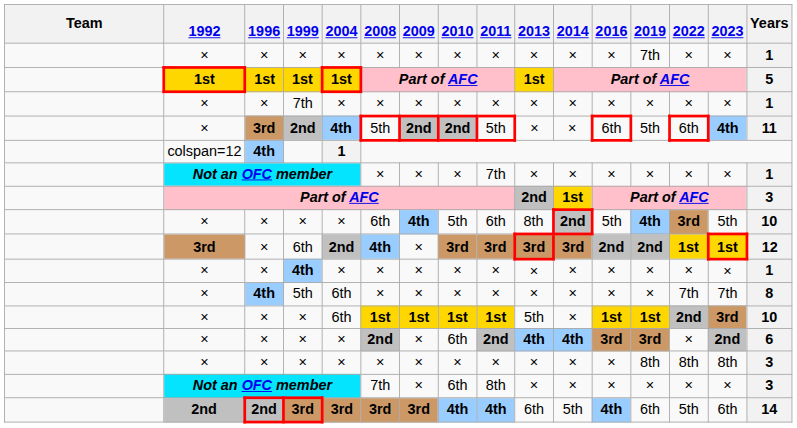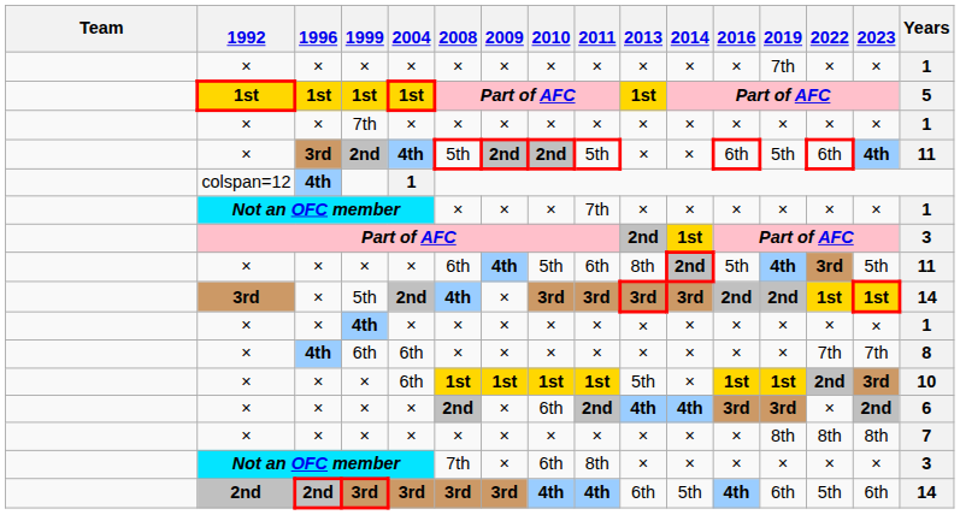 <table class="wikitable" style="text-align:center;">
 <tr>
 <th width=170>Team</th>
 <th><br><a href='#'>1992</a></th>
 <th><br><a href='#'>1996</a></th>
 <th><br><a href='#'>1999</a></th>
 <th><br><a href='#'>2004</a></th>
 <th><br><a href='#'>2008</a></th>
 <th><br><a href='#'>2009</a></th>
 <th><br><a href='#'>2010</a></th>
 <th><br><a href='#'>2011</a></th>
 <th><br><a href='#'>2013</a></th>
 <th><br><a href='#'>2014</a></th>
 <th><br><a href='#'>2016</a></th>
 <th><br><a href='#'>2019</a></th>
 <th><br><a href='#'>2022</a></th>
 <th><br><a href='#'>2023</a></th>
 <th>Years</th>
 </tr>
 <tr>
 <td align=left></td>
 <td>×</td>
 <td>×</td>
 <td>×</td>
 <td>×</td>
 <td>×</td>
 <td>×</td>
 <td>×</td>
 <td>×</td>
 <td>×</td>
 <td>×</td>
 <td>×</td>
 <td>7th</td>
 <td>×</td>
 <td>×</td>
 <th><strong>1</strong></th>
 </tr>
 <tr>
 <td align=left></td>
 <td style="border:3px solid red" bgcolor=gold><strong>1st</strong></td>
 <td bgcolor=gold><strong>1st</strong></td>
 <td bgcolor=gold><strong>1st</strong></td>
 <td style="border:3px solid red" bgcolor=gold><strong>1st</strong></td>
 <td colspan=4 bgcolor=pink><strong><em>Part of <a href='#'>AFC</a></em></strong></td>
 <td bgcolor=gold><strong>1st</strong></td>
 <td colspan=5 bgcolor=pink><strong><em>Part of <a href='#'>AFC</a></em></strong></td>
 <th><strong>5</strong></th>
 </tr>
 <tr>
 <td align=left></td>
 <td>×</td>
 <td>×</td>
 <td>7th</td>
 <td>×</td>
 <td>×</td>
 <td>×</td>
 <td>×</td>
 <td>×</td>
 <td>×</td>
 <td>×</td>
 <td>×</td>
 <td>×</td>
 <td>×</td>
 <td>×</td>
 <th><strong>1</strong></th>
 </tr>
 <tr>
 <td align=left></td>
 <td>×</td>
 <td bgcolor=cc9966><strong>3rd</strong></td>
 <td bgcolor=silver><strong>2nd</strong></td>
 <td bgcolor=#9acdff><strong>4th</strong></td>
 <td style="border:3px solid red">5th</td>
 <td style="border:3px solid red" bgcolor=silver><strong>2nd</strong></td>
 <td style="border:3px solid red" bgcolor=silver><strong>2nd</strong></td>
 <td style="border:3px solid red">5th</td>
 <td>×</td>
 <td>×</td>
 <td style="border:3px solid red">6th</td>
 <td>5th</td>
 <td style="border:3px solid red">6th</td>
 <td bgcolor=#9acdff><strong>4th</strong></td>
 <th><strong>11</strong></th>
 </tr>
 <tr>
 <td align=left></td>
 <td>colspan=12 </td>
 <td bgcolor=#9acdff><strong>4th</strong></td>
 <td></td>
 <th><strong>1</strong></th>
 </tr>
 <tr>
 <td align=left></td>
 <td colspan=4 bgcolor=#04e4ff><strong><em>Not an <a href='#'>OFC</a> member</em></strong></td>
 <td>×</td>
 <td>×</td>
 <td>×</td>
 <td>7th</td>
 <td>×</td>
 <td>×</td>
 <td>×</td>
 <td>×</td>
 <td>×</td>
 <td>×</td>
 <th><strong>1</strong></th>
 </tr>
 <tr>
 <td align=left></td>
 <td colspan=8 bgcolor=pink><strong><em>Part of <a href='#'>AFC</a></em></strong></td>
 <td bgcolor=silver><strong>2nd</strong></td>
 <td bgcolor=gold><strong>1st</strong></td>
 <td colspan=4 bgcolor=pink><strong><em>Part of <a href='#'>AFC</a></em></strong></td>
 <th><strong>3</strong></th>
 </tr>
 <tr>
 <td align=left></td>
 <td>×</td>
 <td>×</td>
 <td>×</td>
 <td>×</td>
 <td>6th</td>
 <td bgcolor=#9acdff><strong>4th</strong></td>
 <td>5th</td>
 <td>6th</td>
 <td>8th</td>
 <td style="border:3px solid red" bgcolor=silver><strong>2nd</strong></td>
 <td>5th</td>
 <td bgcolor=#9acdff><strong>4th</strong></td>
 <td bgcolor=#cc9966><strong>3rd</strong></td>
 <td>5th</td>
-<th><strong>10</strong></th>
+<th><strong>11</strong></th>
 </tr>
 <tr>
 <td align=left></td>
 <td bgcolor=#cc9966><strong>3rd</strong></td>
 <td>×</td>
-<td>6th</td>
+<td>5th</td>
 <td bgcolor=silver><strong>2nd</strong></td>
 <td bgcolor=#9acdff><strong>4th</strong></td>
 <td>×</td>
 <td bgcolor=#cc9966><strong>3rd</strong></td>
 <td bgcolor=#cc9966><strong>3rd</strong></td>
 <td style="border:3px solid red" bgcolor=cc9966><strong>3rd</strong></td>
 <td bgcolor=#cc9966><strong>3rd</strong></td>
 <td bgcolor=silver><strong>2nd</strong></td>
 <td bgcolor=silver><strong>2nd</strong></td>
 <td bgcolor=gold><strong>1st</strong></td>
 <td style="border:3px solid red" bgcolor=gold><strong>1st</strong></td>
-<th><strong>12</strong></th>
+<th><strong>14</strong></th>
 </tr>
 <tr>
 <td align=left></td>
 <td>×</td>
 <td>×</td>
 <td bgcolor=#9acdff><strong>4th</strong></td>
 <td>×</td>
 <td>×</td>
 <td>×</td>
 <td>×</td>
 <td>×</td>
 <td>×</td>
 <td>×</td>
 <td>×</td>
 <td>×</td>
 <td>×</td>
 <td>×</td>
 <th><strong>1</strong></th>
 </tr>
 <tr>
 <td align=left></td>
 <td>×</td>
 <td bgcolor=#9acdff><strong>4th</strong></td>
-<td>5th</td>
+<td>6th</td>
 <td>6th</td>
 <td>×</td>
 <td>×</td>
 <td>×</td>
 <td>×</td>
 <td>×</td>
 <td>×</td>
 <td>×</td>
 <td>×</td>
 <td>7th</td>
 <td>7th</td>
 <th><strong>8</strong></th>
 </tr>
 <tr>
 <td align=left></td>
 <td>×</td>
 <td>×</td>
 <td>×</td>
 <td>6th</td>
 <td bgcolor=gold><strong>1st</strong></td>
 <td bgcolor=gold><strong>1st</strong></td>
 <td bgcolor=gold><strong>1st</strong></td>
 <td bgcolor=gold><strong>1st</strong></td>
 <td>5th</td>
 <td>×</td>
 <td bgcolor=gold><strong>1st</strong></td>
 <td bgcolor=gold><strong>1st</strong></td>
 <td bgcolor=silver><strong>2nd</strong></td>
 <td bgcolor=#cc9966><strong>3rd</strong></td>
 <th><strong>10</strong></th>
 </tr>
 <tr>
 <td align=left></td>
 <td>×</td>
 <td>×</td>
 <td>×</td>
 <td>×</td>
 <td bgcolor=silver><strong>2nd</strong></td>
 <td>×</td>
 <td>6th</td>
 <td bgcolor=silver><strong>2nd</strong></td>
 <td bgcolor=#9acdff><strong>4th</strong></td>
 <td bgcolor=#9acdff><strong>4th</strong></td>
 <td bgcolor=#cc9966><strong>3rd</strong></td>
 <td bgcolor=#cc9966><strong>3rd</strong></td>
 <td>×</td>
 <td bgcolor=silver><strong>2nd</strong></td>
 <th><strong>6</strong></th>
 </tr>
 <tr>
 <td align=left></td>
 <td>×</td>
 <td>×</td>
 <td>×</td>
 <td>×</td>
 <td>×</td>
 <td>×</td>
 <td>×</td>
 <td>×</td>
 <td>×</td>
 <td>×</td>
 <td>×</td>
 <td>8th</td>
 <td>8th</td>
 <td>8th</td>
-<th><strong>3</strong></th>
+<th><strong>7</strong></th>
 </tr>
 <tr>
 <td align=left></td>
 <td colspan=4 bgcolor=#04e4ff><strong><em>Not an <a href='#'>OFC</a> member</em></strong></td>
 <td>7th</td>
 <td>×</td>
 <td>6th</td>
 <td>8th</td>
 <td>×</td>
 <td>×</td>
 <td>×</td>
 <td>×</td>
 <td>×</td>
 <td>×</td>
 <th><strong>3</strong></th>
 </tr>
 <tr>
 <td align=left></td>
 <td bgcolor=silver><strong>2nd</strong></td>
 <td style="border:3px solid red" bgcolor=silver><strong>2nd</strong></td>
 <td style="border:3px solid red" bgcolor=cc9966><strong>3rd</strong></td>
 <td bgcolor=#cc9966><strong>3rd</strong></td>
 <td bgcolor=#cc9966><strong>3rd</strong></td>
 <td bgcolor=#cc9966><strong>3rd</strong></td>
 <td bgcolor=#9acdff><strong>4th</strong></td>
 <td bgcolor=#9acdff><strong>4th</strong></td>
 <td>6th</td>
 <td>5th</td>
 <td bgcolor=#9acdff><strong>4th</strong></td>
 <td>6th</td>
 <td>5th</td>
 <td>6th</td>
 <th><strong>14</strong></th>
 </tr>
 </table>
